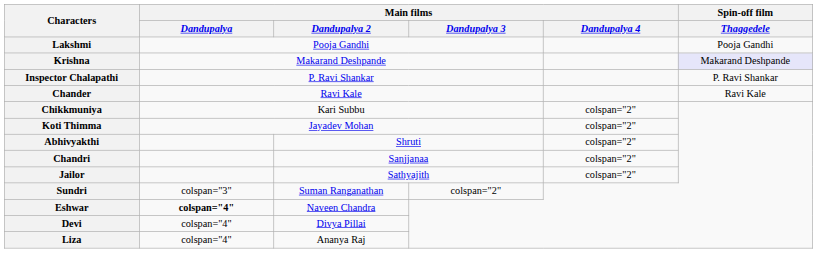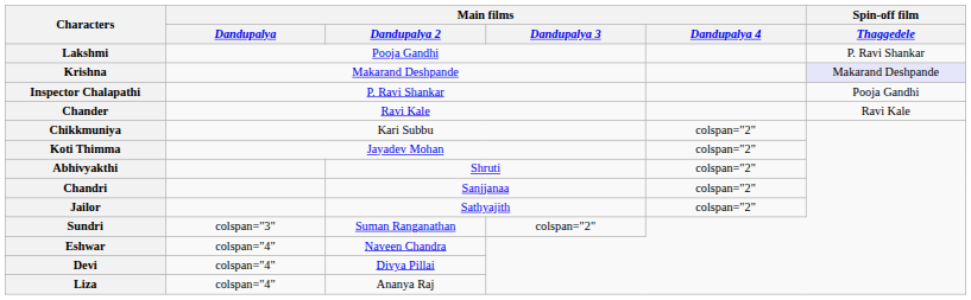 <table class="wikitable sortable" style="text-align: center; width: 100%">
 <tr>
 <th rowspan="2" style="width:10%;">Characters</th>
 <th colspan="4">Main films</th>
 <th>Spin-off film</th>
 </tr>
 <tr>
 <th style="width:10%;"><em><a href='#'>Dandupalya</a></em></th>
 <th style="width:10%;"><em><a href='#'>Dandupalya 2</a></em></th>
 <th style="width:10%;"><em><a href='#'>Dandupalya 3</a></em></th>
 <th style="width:10%;"><em><a href='#'>Dandupalya 4</a></em></th>
 <th style="width:10%;"><em><a href='#'>Thaggedele</a></em></th>
 </tr>
 <tr>
 <th>Lakshmi</th>
 <td colspan="3"><a href='#'>Pooja Gandhi</a></td>
 <td></td>
-<td>Pooja Gandhi</td>
+<td>P. Ravi Shankar</td>
 </tr>
 <tr>
 <th>Krishna</th>
 <td colspan="3"><a href='#'>Makarand Deshpande</a></td>
 <td></td>
 <td style="background: lavender;">Makarand Deshpande</td>
 </tr>
 <tr>
 <th>Inspector Chalapathi</th>
 <td colspan="3"><a href='#'>P. Ravi Shankar</a></td>
 <td></td>
-<td>P. Ravi Shankar</td>
+<td>Pooja Gandhi</td>
 </tr>
 <tr>
 <th>Chander</th>
 <td colspan="3"><a href='#'>Ravi Kale</a></td>
 <td></td>
 <td>Ravi Kale</td>
 </tr>
 <tr>
 <th>Chikkmuniya</th>
 <td colspan="3">Kari Subbu</td>
 <td>colspan="2" </td>
 </tr>
 <tr>
 <th>Koti Thimma</th>
 <td colspan="3"><a href='#'>Jayadev Mohan</a></td>
 <td>colspan="2" </td>
 </tr>
 <tr>
 <th>Abhivyakthi</th>
 <td></td>
 <td colspan="2"><a href='#'>Shruti</a></td>
 <td>colspan="2" </td>
 </tr>
 <tr>
 <th>Chandri</th>
 <td></td>
 <td colspan="2"><a href='#'>Sanjjanaa</a></td>
 <td>colspan="2" </td>
 </tr>
 <tr>
 <th>Jailor</th>
 <td></td>
 <td colspan="2"><a href='#'>Sathyajith</a></td>
 <td>colspan="2" </td>
 </tr>
 <tr>
 <th>Sundri</th>
 <td>colspan="3" </td>
 <td><a href='#'>Suman Ranganathan</a></td>
 <td>colspan="2" </td>
 </tr>
 <tr>
 <th>Eshwar</th>
-<td><strong>colspan="4" </strong></td>
+<td>colspan="4" </td>
 <td><a href='#'>Naveen Chandra</a></td>
 </tr>
 <tr>
 <th>Devi</th>
 <td>colspan="4" </td>
 <td><a href='#'>Divya Pillai</a></td>
 </tr>
 <tr>
 <th>Liza</th>
 <td>colspan="4" </td>
 <td>Ananya Raj</td>
 </tr>
 </table>
